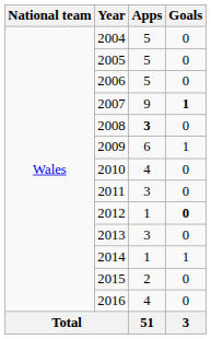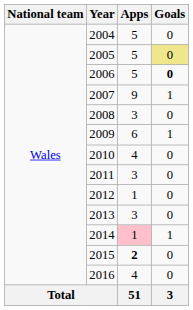 <table class=wikitable style="text-align:center;">
 <tr>
 <th>National team</th>
 <th>Year</th>
 <th>Apps</th>
 <th>Goals</th>
 </tr>
 <tr>
 <td rowspan=13><a href='#'>Wales</a></td>
 <td>2004</td>
 <td>5</td>
 <td>0</td>
 </tr>
 <tr>
 <td>2005</td>
 <td>5</td>
-<td>0</td>
+<td style="background: khaki;">0</td>
 </tr>
 <tr>
 <td>2006</td>
 <td>5</td>
-<td>0</td>
+<td><strong>0</strong></td>
 </tr>
 <tr>
 <td>2007</td>
 <td>9</td>
-<td><strong>1</strong></td>
+<td>1</td>
 </tr>
 <tr>
 <td>2008</td>
-<td><strong>3</strong></td>
+<td>3</td>
 <td>0</td>
 </tr>
 <tr>
 <td>2009</td>
 <td>6</td>
 <td>1</td>
 </tr>
 <tr>
 <td>2010</td>
 <td>4</td>
 <td>0</td>
 </tr>
 <tr>
 <td>2011</td>
 <td>3</td>
 <td>0</td>
 </tr>
 <tr>
 <td>2012</td>
 <td>1</td>
-<td><strong>0</strong></td>
+<td>0</td>
 </tr>
 <tr>
 <td>2013</td>
 <td>3</td>
 <td>0</td>
 </tr>
 <tr>
 <td>2014</td>
-<td>1</td>
+<td style="background: pink;">1</td>
 <td>1</td>
 </tr>
 <tr>
 <td>2015</td>
-<td>2</td>
+<td><strong>2</strong></td>
 <td>0</td>
 </tr>
 <tr>
 <td>2016</td>
 <td>4</td>
 <td>0</td>
 </tr>
 <tr>
 <th colspan=2>Total</th>
 <th>51</th>
 <th>3</th>
 </tr>
 </table>
